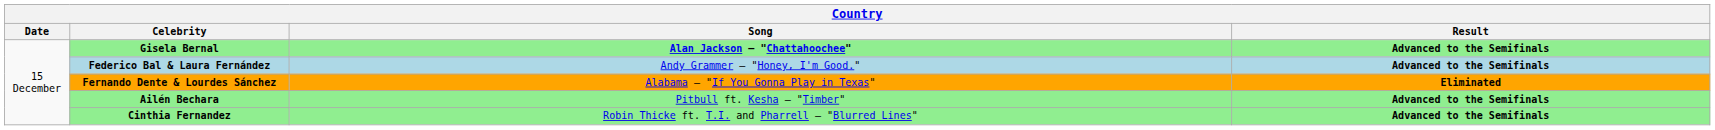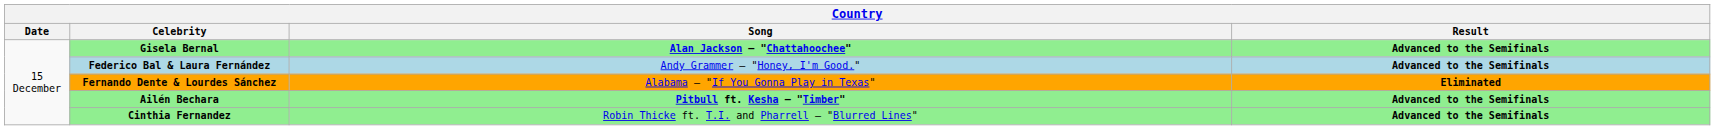 <table class="wikitable collapsible collapsed" style="font-size:90%; text-align: center; width: 100%;">
 <tr>
 <th colspan="11" style="with: 95%;" align=center><big><a href='#'>Country</a></big></th>
 </tr>
 <tr>
 <th width=70>Date</th>
 <th width=250>Celebrity</th>
 <th>Song</th>
 <th>Result</th>
 </tr>
 <tr>
 <td rowspan=5>15 December</td>
 <td style="background:lightgreen;"><strong>Gisela Bernal</strong></td>
 <td style="background:lightgreen;"><strong><a href='#'>Alan Jackson</a> – "<a href='#'>Chattahoochee</a>"</strong></td>
 <td style="background:lightgreen;"><strong>Advanced to the Semifinals</strong></td>
 </tr>
 <tr>
 <td style="background:lightblue;"><strong>Federico Bal & Laura Fernández</strong></td>
 <td style="background:lightblue;"><a href='#'>Andy Grammer</a> – "<a href='#'>Honey, I'm Good.</a>"</td>
 <td style="background:lightblue;"><strong>Advanced to the Semifinals</strong></td>
 </tr>
 <tr>
 <td style="background:Orange;"><strong>Fernando Dente & Lourdes Sánchez</strong></td>
 <td style="background:Orange;"><a href='#'>Alabama</a> – "<a href='#'>If You Gonna Play in Texas</a>"</td>
 <td style="background:Orange;"><strong>Eliminated</strong></td>
 </tr>
 <tr>
 <td style="background:lightgreen;"><strong>Ailén Bechara</strong></td>
-<td style="background:lightgreen;"><a href='#'>Pitbull</a> ft. <a href='#'>Kesha</a> – "<a href='#'>Timber</a>"</td>
+<td style="background:lightgreen;"><strong><a href='#'>Pitbull</a> ft. <a href='#'>Kesha</a> – "<a href='#'>Timber</a>"</strong></td>
 <td style="background:lightgreen;"><strong>Advanced to the Semifinals</strong></td>
 </tr>
 <tr>
 <td style="background:lightgreen;"><strong>Cinthia Fernandez</strong></td>
 <td style="background:lightgreen;"><a href='#'>Robin Thicke</a> ft. <a href='#'>T.I.</a> and <a href='#'>Pharrell</a> – "<a href='#'>Blurred Lines</a>"</td>
 <td style="background:lightgreen;"><strong>Advanced to the Semifinals</strong></td>
 </tr>
 </table>
